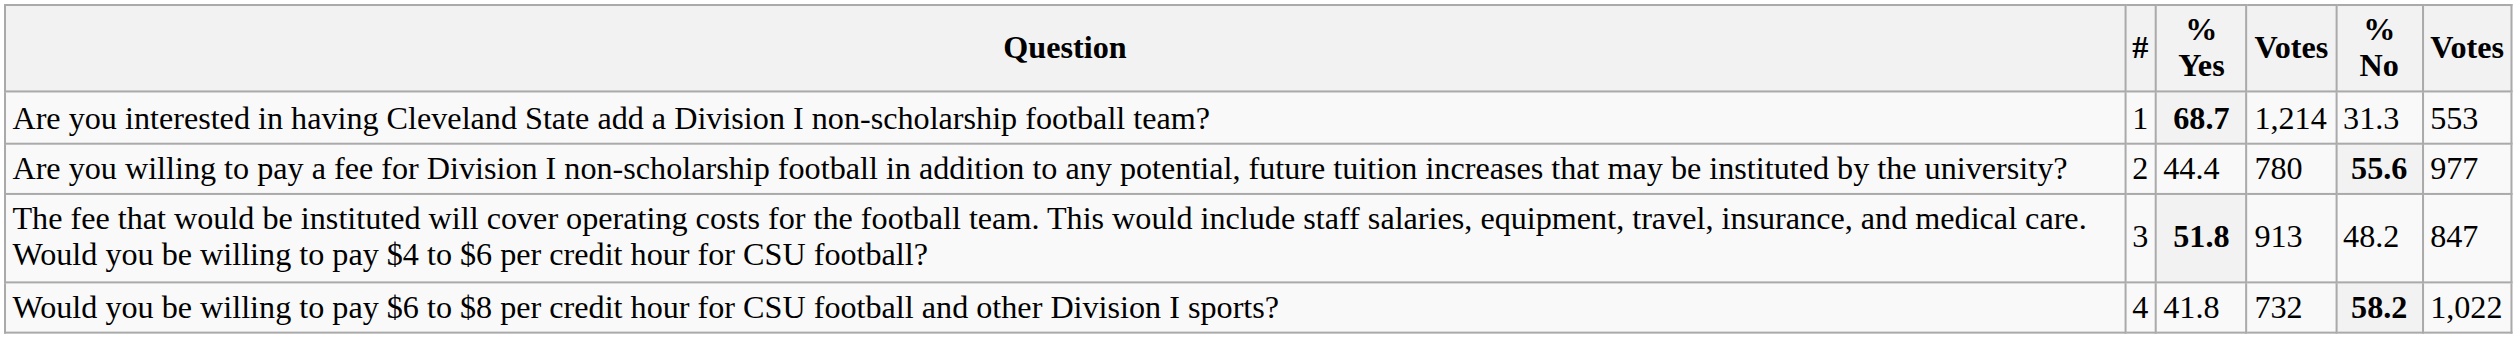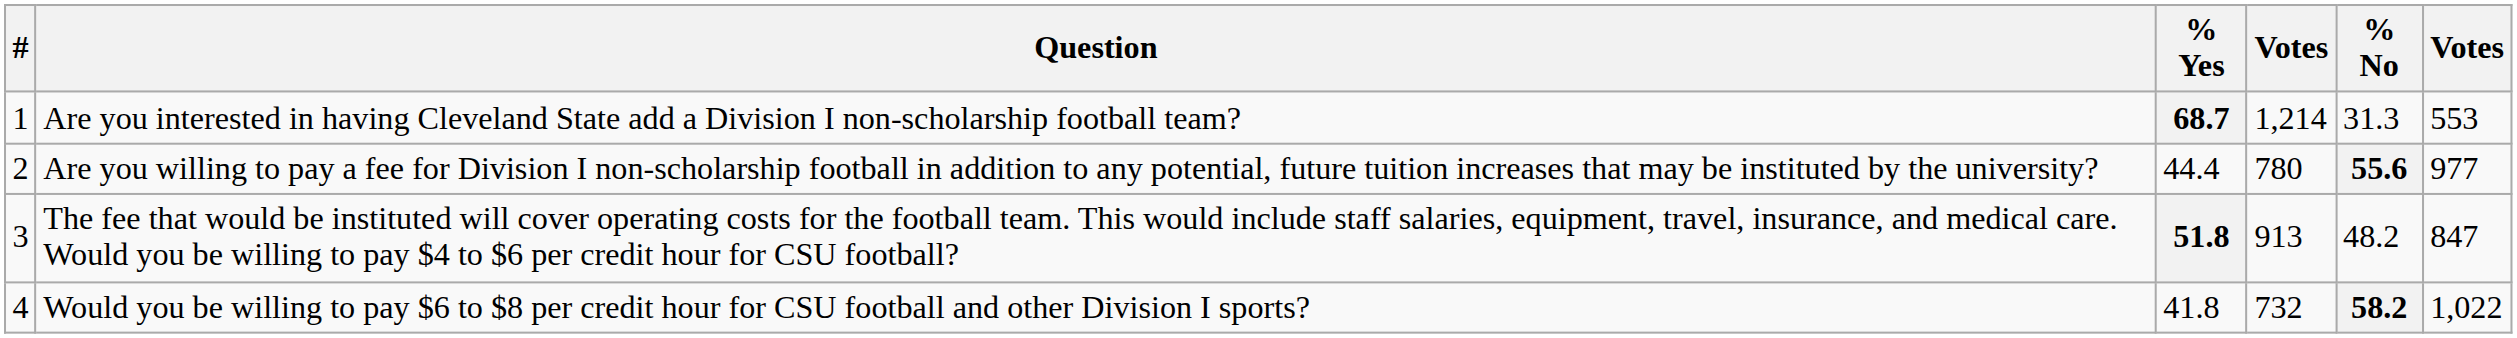 <table class="wikitable">
 <tr>
+<th>#</th>
 <th>Question</th>
-<th>#</th>
 <th>% Yes</th>
 <th>Votes</th>
 <th>% No</th>
 <th>Votes</th>
 </tr>
 <tr>
+<td>1</td>
 <td>Are you interested in having Cleveland State add a Division I non-scholarship football team?</td>
-<td>1</td>
 <th>68.7</th>
 <td>1,214</td>
 <td>31.3</td>
 <td>553</td>
 </tr>
 <tr>
+<td>2</td>
 <td>Are you willing to pay a fee for Division I non-scholarship football in addition to any potential, future tuition increases that may be instituted by the university?</td>
-<td>2</td>
 <td>44.4</td>
 <td>780</td>
 <th>55.6</th>
 <td>977</td>
 </tr>
 <tr>
+<td>3</td>
 <td>The fee that would be instituted will cover operating costs for the football team. This would include staff salaries, equipment, travel, insurance, and medical care. Would you be willing to pay $4 to $6 per credit hour for CSU football?</td>
-<td>3</td>
 <th>51.8</th>
 <td>913</td>
 <td>48.2</td>
 <td>847</td>
 </tr>
 <tr>
+<td>4</td>
 <td>Would you be willing to pay $6 to $8 per credit hour for CSU football and other Division I sports?</td>
-<td>4</td>
 <td>41.8</td>
 <td>732</td>
 <th>58.2</th>
 <td>1,022</td>
 </tr>
 </table>
